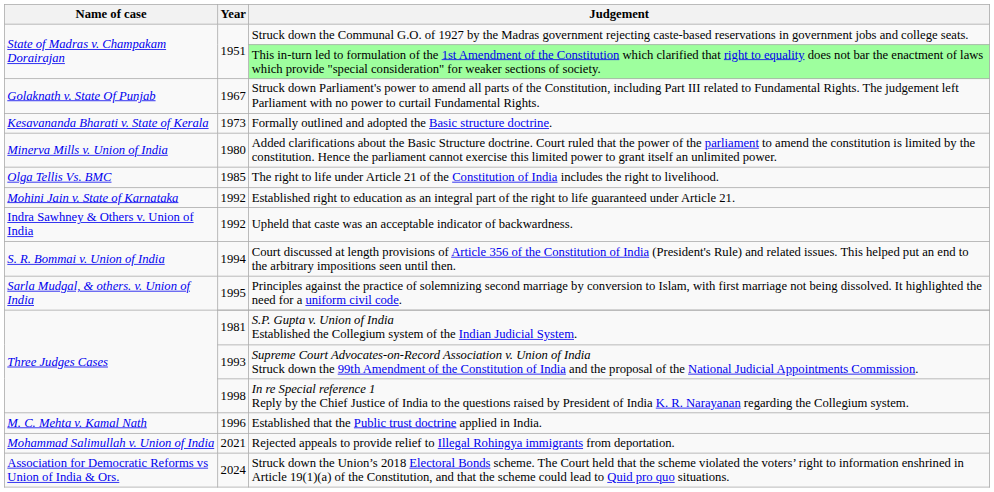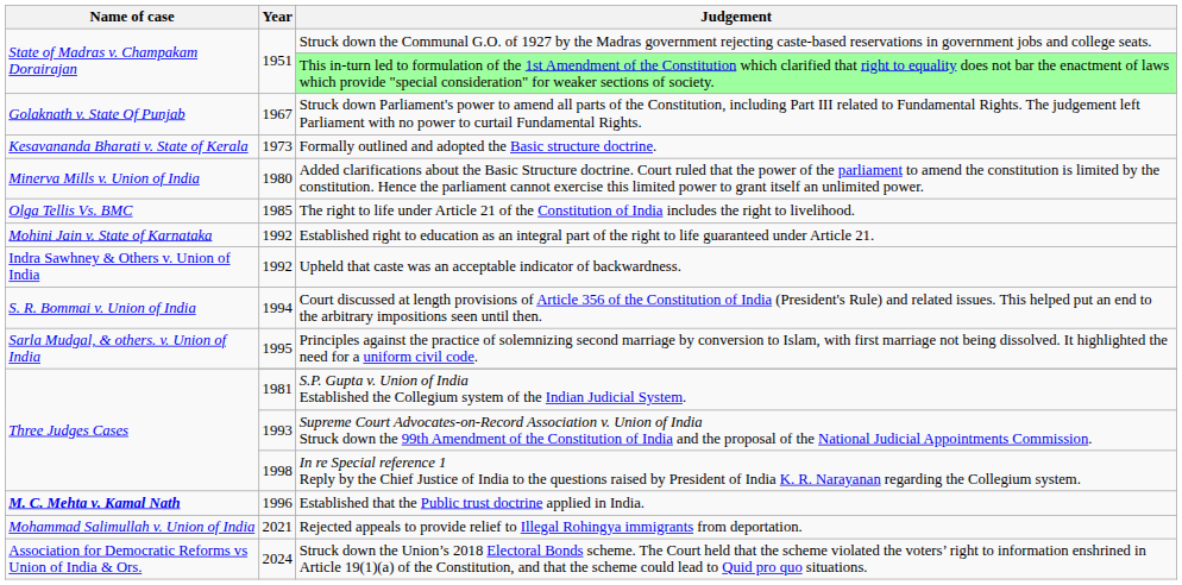 <table class="wikitable">
 <tr>
 <th>Name of case</th>
 <th>Year</th>
 <th>Judgement</th>
 </tr>
 <tr>
 <td rowspan = 2><em><a href='#'>State of Madras v. Champakam Dorairajan</a></em></td>
 <td rowspan = 2>1951</td>
 <td>Struck down the Communal G.O. of 1927 by the Madras government rejecting caste-based reservations in government jobs and college seats.</td>
 </tr>
 <tr>
 <td style="background-color:#9EFF9E">This in-turn led to formulation of the <a href='#'>1st Amendment of the Constitution</a> which clarified that <a href='#'>right to equality</a> does not bar the enactment of laws which provide "special consideration" for weaker sections of society.</td>
 </tr>
 <tr>
 <td><a href='#'><em>Golaknath v. State Of Punjab</em></a></td>
 <td>1967</td>
 <td>Struck down Parliament's power to amend all parts of the Constitution, including Part III related to Fundamental Rights. The judgement left Parliament with no power to curtail Fundamental Rights.</td>
 </tr>
 <tr>
 <td><em><a href='#'>Kesavananda Bharati v. State of Kerala</a></em></td>
 <td>1973</td>
 <td>Formally outlined and adopted the <a href='#'>Basic structure doctrine</a>.</td>
 </tr>
 <tr>
 <td><em><a href='#'>Minerva Mills v. Union of India</a></em></td>
 <td>1980</td>
 <td>Added clarifications about the Basic Structure doctrine. Court ruled that the power of the <a href='#'>parliament</a> to amend the constitution is limited by the constitution. Hence the parliament cannot exercise this limited power to grant itself an unlimited power.</td>
 </tr>
 <tr>
 <td><a href='#'><em>Olga Tellis Vs. BMC</em></a></td>
 <td>1985</td>
 <td>The right to life under Article 21 of the <a href='#'>Constitution of India</a> includes the right to livelihood.</td>
 </tr>
 <tr>
 <td><em><a href='#'>Mohini Jain v. State of Karnataka</a></em></td>
 <td>1992</td>
 <td>Established right to education as an integral part of the right to life guaranteed under Article 21.</td>
 </tr>
 <tr>
 <td><a href='#'>Indra Sawhney & Others v. Union of India</a></td>
 <td>1992</td>
 <td>Upheld that caste was an acceptable indicator of backwardness.</td>
 </tr>
 <tr>
 <td><em><a href='#'>S. R. Bommai v. Union of India</a></em></td>
 <td>1994</td>
 <td>Court discussed at length provisions of <a href='#'>Article 356 of the Constitution of India</a> (President's Rule) and related issues. This helped put an end to the arbitrary impositions seen until then.</td>
 </tr>
 <tr>
 <td><em><a href='#'>Sarla Mudgal, & others. v. Union of India</a></em></td>
 <td>1995</td>
 <td>Principles against the practice of solemnizing second marriage by conversion to Islam, with first marriage not being dissolved. It highlighted the need for a <a href='#'>uniform civil code</a>.</td>
 </tr>
 <tr>
 <td rowspan = 4><em><a href='#'>Three Judges Cases</a></em></td>
 </tr>
 <tr>
 <td>1981</td>
 <td><em>S.P. Gupta v. Union of India</em><br>Established the Collegium system of the <a href='#'>Indian Judicial System</a>.</td>
 </tr>
 <tr>
 <td>1993</td>
 <td><em>Supreme Court Advocates-on-Record Association v. Union of India</em><br>Struck down the <a href='#'>99th Amendment of the Constitution of India</a> and the proposal of the <a href='#'>National Judicial Appointments Commission</a>.</td>
 </tr>
 <tr>
 <td>1998</td>
 <td><em>In re Special reference 1</em><br>Reply by the Chief Justice of India to the questions raised by President of India <a href='#'>K. R. Narayanan</a> regarding the Collegium system.</td>
 </tr>
 <tr>
-<td><em><a href='#'>M. C. Mehta v. Kamal Nath</a></em></td>
+<td><strong><em><a href='#'>M. C. Mehta v. Kamal Nath</a></em></strong></td>
 <td>1996</td>
 <td>Established that the <a href='#'>Public trust doctrine</a> applied in India.</td>
 </tr>
 <tr>
 <td><em><a href='#'>Mohammad Salimullah v. Union of India</a></em></td>
 <td>2021</td>
 <td>Rejected appeals to provide relief to <a href='#'>Illegal Rohingya immigrants</a> from deportation.</td>
 </tr>
 <tr>
 <td><a href='#'>Association for Democratic Reforms vs Union of India & Ors.</a></td>
 <td>2024</td>
 <td>Struck down the Union’s 2018 <a href='#'>Electoral Bonds</a> scheme. The Court held that the scheme violated the voters’ right to information enshrined in Article 19(1)(a) of the Constitution, and that the scheme could lead to <a href='#'>Quid pro quo</a> situations.</td>
 </tr>
 </table>
